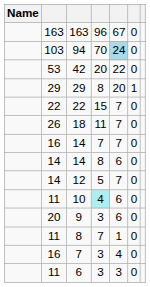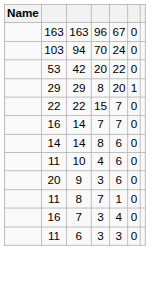 <table class="wikitable sortable" style="text-align:center">
 <tr>
 <th>Name</th>
 <th></th>
 <th></th>
 <th></th>
 <th></th>
 <th></th>
 <th></th>
 </tr>
 <tr>
 <td></td>
 <td>163</td>
 <td>163</td>
 <td>96</td>
 <td>67</td>
 <td>0</td>
 <td></td>
 </tr>
 <tr>
 <td></td>
 <td>103</td>
 <td>94</td>
 <td>70</td>
-<td style="background: lightblue;">24</td>
+<td>24</td>
 <td>0</td>
 <td></td>
 </tr>
 <tr>
 <td></td>
 <td>53</td>
 <td>42</td>
 <td>20</td>
 <td>22</td>
 <td>0</td>
 <td></td>
 </tr>
 <tr>
 <td></td>
 <td>29</td>
 <td>29</td>
 <td>8</td>
 <td>20</td>
 <td>1</td>
 <td></td>
 </tr>
 <tr>
 <td></td>
 <td>22</td>
 <td>22</td>
 <td>15</td>
 <td>7</td>
 <td>0</td>
 <td></td>
 </tr>
 <tr>
 <td></td>
-<td>26</td>
-<td>18</td>
-<td>11</td>
-<td>7</td>
-<td>0</td>
-<td></td>
-</tr>
-<tr>
-<td></td>
 <td>16</td>
 <td>14</td>
 <td>7</td>
 <td>7</td>
 <td>0</td>
 <td></td>
 </tr>
 <tr>
 <td></td>
 <td>14</td>
 <td>14</td>
 <td>8</td>
 <td>6</td>
 <td>0</td>
 <td></td>
 </tr>
 <tr>
 <td></td>
-<td>14</td>
-<td>12</td>
-<td>5</td>
-<td>7</td>
-<td>0</td>
-<td></td>
-</tr>
-<tr>
-<td></td>
 <td>11</td>
 <td>10</td>
-<td style="background: paleturquoise;">4</td>
+<td>4</td>
 <td>6</td>
 <td>0</td>
 <td></td>
 </tr>
 <tr>
 <td></td>
 <td>20</td>
 <td>9</td>
 <td>3</td>
 <td>6</td>
 <td>0</td>
 <td></td>
 </tr>
 <tr>
 <td></td>
 <td>11</td>
 <td>8</td>
 <td>7</td>
 <td>1</td>
 <td>0</td>
 <td></td>
 </tr>
 <tr>
 <td></td>
 <td>16</td>
 <td>7</td>
 <td>3</td>
 <td>4</td>
 <td>0</td>
 <td></td>
 </tr>
 <tr>
 <td></td>
 <td>11</td>
 <td>6</td>
 <td>3</td>
 <td>3</td>
 <td>0</td>
 <td></td>
 </tr>
 </table>
